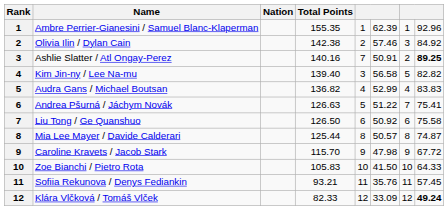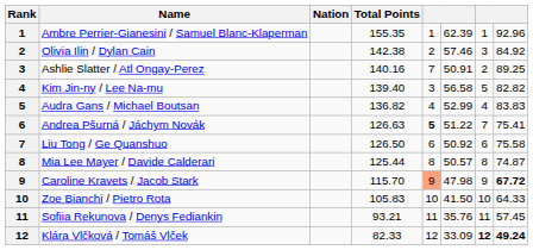 <table class="wikitable sortable" style="text-align:center">
 <tr>
 <th>Rank</th>
 <th>Name</th>
 <th>Nation</th>
 <th>Total Points</th>
 <th colspan=2></th>
 <th colspan=2></th>
 </tr>
 <tr>
 <th>1</th>
 <td align="left"><a href='#'>Ambre Perrier-Gianesini</a> / <a href='#'>Samuel Blanc-Klaperman</a></td>
 <td align="left"></td>
 <td>155.35</td>
 <td>1</td>
 <td>62.39</td>
 <td>1</td>
 <td>92.96</td>
 </tr>
 <tr>
 <th>2</th>
 <td align="left"><a href='#'>Olivia Ilin</a> / <a href='#'>Dylan Cain</a></td>
 <td align="left"></td>
 <td>142.38</td>
 <td>2</td>
 <td>57.46</td>
 <td>3</td>
 <td>84.92</td>
 </tr>
 <tr>
 <th>3</th>
 <td align="left">Ashlie Slatter / <a href='#'>Atl Ongay-Perez</a></td>
 <td align="left"></td>
 <td>140.16</td>
 <td>7</td>
 <td>50.91</td>
 <td>2</td>
-<td><strong>89.25</strong></td>
+<td>89.25</td>
 </tr>
 <tr>
 <th>4</th>
 <td align="left"><a href='#'>Kim Jin-ny</a> / <a href='#'>Lee Na-mu</a></td>
 <td align="left"></td>
 <td>139.40</td>
 <td>3</td>
 <td>56.58</td>
 <td>5</td>
 <td>82.82</td>
 </tr>
 <tr>
 <th>5</th>
 <td align="left"><a href='#'>Audra Gans</a> / <a href='#'>Michael Boutsan</a></td>
 <td align="left"></td>
 <td>136.82</td>
 <td>4</td>
 <td>52.99</td>
 <td>4</td>
 <td>83.83</td>
 </tr>
 <tr>
 <th>6</th>
 <td align="left"><a href='#'>Andrea Pšurná</a> / <a href='#'>Jáchym Novák</a></td>
 <td align="left"></td>
 <td>126.63</td>
-<td>5</td>
+<td><strong>5</strong></td>
 <td>51.22</td>
 <td>7</td>
 <td>75.41</td>
 </tr>
 <tr>
 <th>7</th>
 <td align="left"><a href='#'>Liu Tong</a> / <a href='#'>Ge Quanshuo</a></td>
 <td align="left"></td>
 <td>126.50</td>
 <td>6</td>
 <td>50.92</td>
 <td>6</td>
 <td>75.58</td>
 </tr>
 <tr>
 <th>8</th>
 <td align="left"><a href='#'>Mia Lee Mayer</a> / <a href='#'>Davide Calderari</a></td>
 <td align="left"></td>
 <td>125.44</td>
 <td>8</td>
 <td>50.57</td>
 <td>8</td>
 <td>74.87</td>
 </tr>
 <tr>
 <th>9</th>
 <td align="left"><a href='#'>Caroline Kravets</a> / <a href='#'>Jacob Stark</a></td>
 <td align="left"></td>
 <td>115.70</td>
-<td>9</td>
+<td style="background: lightsalmon;">9</td>
 <td>47.98</td>
 <td>9</td>
-<td>67.72</td>
+<td><strong>67.72</strong></td>
 </tr>
 <tr>
 <th>10</th>
 <td align="left"><a href='#'>Zoe Bianchi</a> / <a href='#'>Pietro Rota</a></td>
 <td align="left"></td>
 <td>105.83</td>
 <td>10</td>
 <td>41.50</td>
 <td>10</td>
 <td>64.33</td>
 </tr>
 <tr>
 <th>11</th>
 <td align="left"><a href='#'>Sofiia Rekunova</a> / <a href='#'>Denys Fediankin</a></td>
 <td align="left"></td>
 <td>93.21</td>
 <td>11</td>
 <td>35.76</td>
 <td>11</td>
 <td>57.45</td>
 </tr>
 <tr>
 <th>12</th>
 <td align="left"><a href='#'>Klára Vlčková</a> / <a href='#'>Tomáš Vlček</a></td>
 <td align="left"></td>
 <td>82.33</td>
 <td>12</td>
 <td>33.09</td>
-<td>12</td>
+<td><strong>12</strong></td>
 <td><strong>49.24</strong></td>
 </tr>
 </table>
